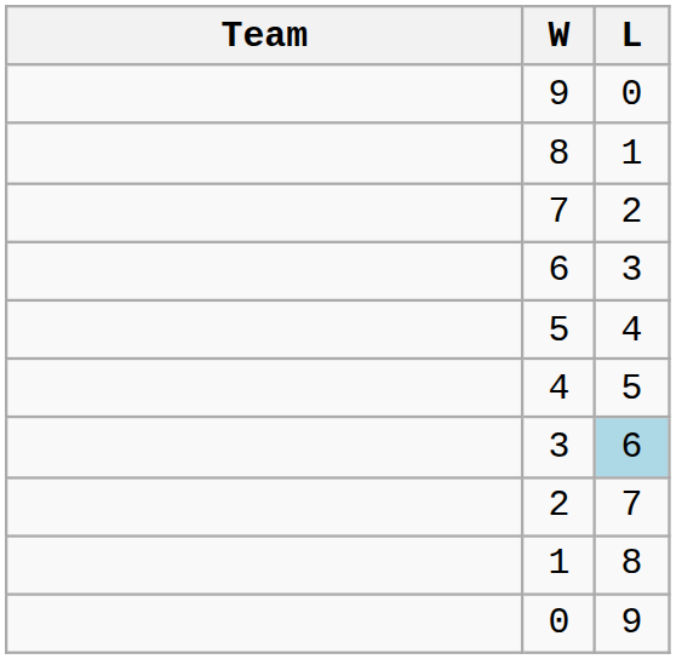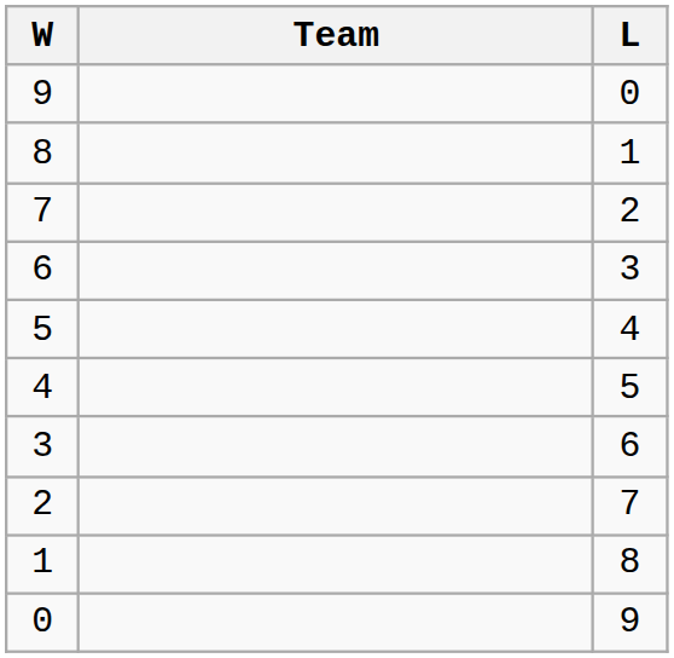 <table class="wikitable" style="text-align:center">
 <tr>
+<th width=20px>W</th>
 <th width=180px>Team</th>
-<th width=20px>W</th>
 <th width=20px>L</th>
 </tr>
 <tr>
+<td>9</td>
 <td align=left></td>
-<td>9</td>
 <td>0</td>
 </tr>
 <tr>
+<td>8</td>
 <td align=left></td>
-<td>8</td>
 <td>1</td>
 </tr>
 <tr>
+<td>7</td>
 <td align=left></td>
-<td>7</td>
 <td>2</td>
 </tr>
 <tr>
+<td>6</td>
 <td align=left></td>
-<td>6</td>
 <td>3</td>
 </tr>
 <tr>
+<td>5</td>
 <td align=left></td>
-<td>5</td>
 <td>4</td>
 </tr>
 <tr>
+<td>4</td>
 <td align=left><strong></strong></td>
-<td>4</td>
 <td>5</td>
 </tr>
 <tr>
+<td>3</td>
 <td align=left></td>
-<td>3</td>
-<td style="background: lightblue;">6</td>
+<td>6</td>
 </tr>
 <tr>
+<td>2</td>
 <td align=left></td>
-<td>2</td>
 <td>7</td>
 </tr>
 <tr>
+<td>1</td>
 <td align=left></td>
-<td>1</td>
 <td>8</td>
 </tr>
 <tr>
+<td>0</td>
 <td align=left></td>
-<td>0</td>
 <td>9</td>
 </tr>
 </table>
